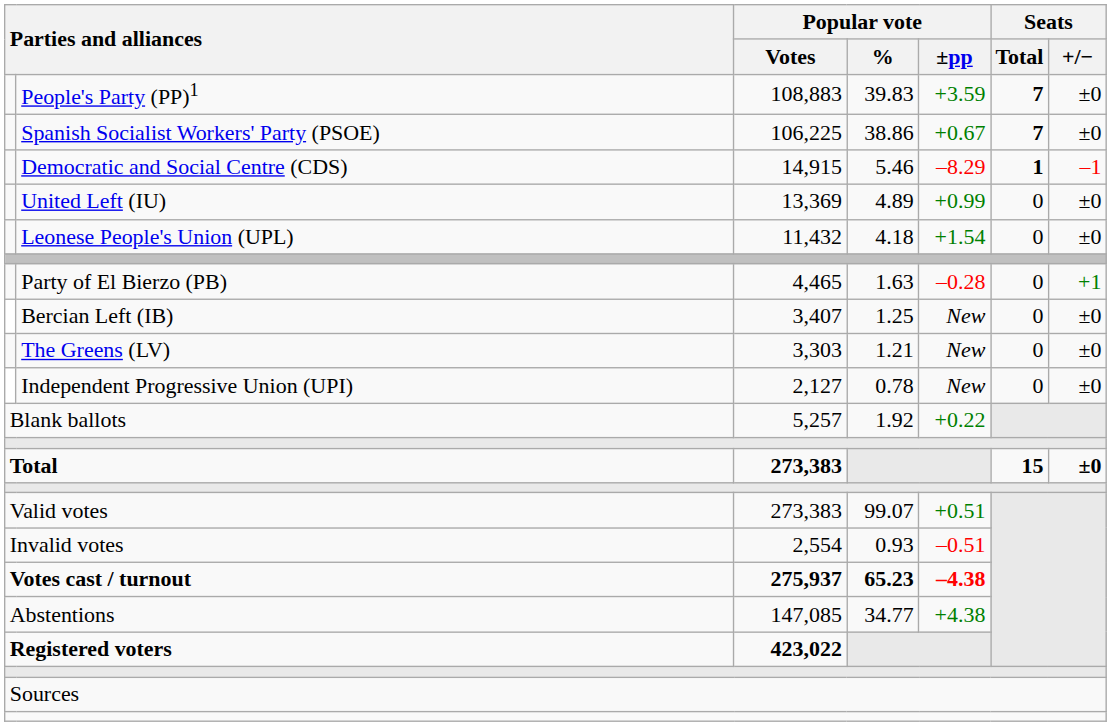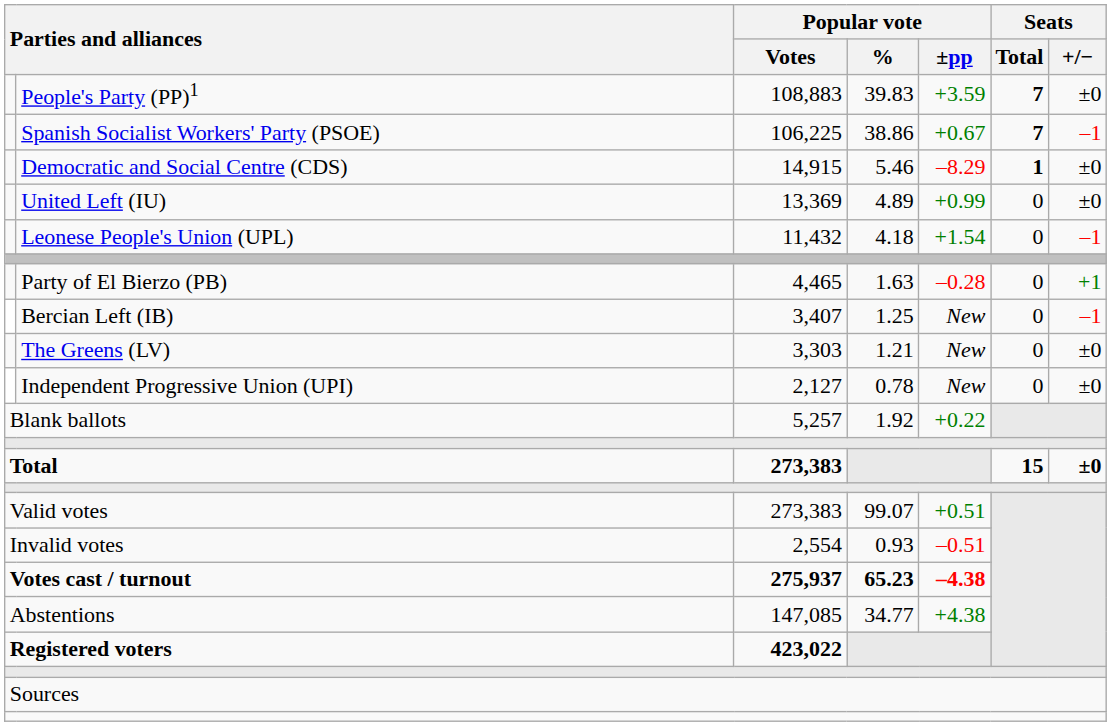 <table class="wikitable" style="text-align:right;">
 <tr>
 <th style="text-align:left;" rowspan="2" colspan="2" width="525">Parties and alliances</th>
 <th colspan="3">Popular vote</th>
 <th colspan="2">Seats</th>
 </tr>
 <tr>
 <th width="75">Votes</th>
 <th width="45">%</th>
 <th width="45">±<a href='#'>pp</a></th>
 <th width="35">Total</th>
 <th width="35">+/−</th>
 </tr>
 <tr>
 <td width="1" style="color:inherit;background:"></td>
 <td align="left"><a href='#'>People's Party</a> (PP)<sup>1</sup></td>
 <td>108,883</td>
 <td>39.83</td>
 <td style="color:green;">+3.59</td>
 <td><strong>7</strong></td>
 <td>±0</td>
 </tr>
 <tr>
 <td style="color:inherit;background:"></td>
 <td align="left"><a href='#'>Spanish Socialist Workers' Party</a> (PSOE)</td>
 <td>106,225</td>
 <td>38.86</td>
 <td style="color:green;">+0.67</td>
 <td><strong>7</strong></td>
-<td>±0</td>
+<td style="color:red;">–1</td>
 </tr>
 <tr>
 <td style="color:inherit;background:"></td>
 <td align="left"><a href='#'>Democratic and Social Centre</a> (CDS)</td>
 <td>14,915</td>
 <td>5.46</td>
 <td style="color:red;">–8.29</td>
 <td><strong>1</strong></td>
-<td style="color:red;">–1</td>
+<td>±0</td>
 </tr>
 <tr>
 <td style="color:inherit;background:"></td>
 <td align="left"><a href='#'>United Left</a> (IU)</td>
 <td>13,369</td>
 <td>4.89</td>
 <td style="color:green;">+0.99</td>
 <td>0</td>
 <td>±0</td>
 </tr>
 <tr>
 <td style="color:inherit;background:"></td>
 <td align="left"><a href='#'>Leonese People's Union</a> (UPL)</td>
 <td>11,432</td>
 <td>4.18</td>
 <td style="color:green;">+1.54</td>
 <td>0</td>
-<td>±0</td>
+<td style="color:red;">–1</td>
 </tr>
 <tr>
 <td colspan="7" bgcolor="#C0C0C0"></td>
 </tr>
 <tr>
 <td style="color:inherit;background:"></td>
 <td align="left">Party of El Bierzo (PB)</td>
 <td>4,465</td>
 <td>1.63</td>
 <td style="color:red;">–0.28</td>
 <td>0</td>
 <td style="color:green;">+1</td>
 </tr>
 <tr>
 <td bgcolor="white"></td>
 <td align="left">Bercian Left (IB)</td>
 <td>3,407</td>
 <td>1.25</td>
 <td><em>New</em></td>
 <td>0</td>
-<td>±0</td>
+<td style="color:red;">–1</td>
 </tr>
 <tr>
 <td style="color:inherit;background:"></td>
 <td align="left"><a href='#'>The Greens</a> (LV)</td>
 <td>3,303</td>
 <td>1.21</td>
 <td><em>New</em></td>
 <td>0</td>
 <td>±0</td>
 </tr>
 <tr>
 <td bgcolor="white"></td>
 <td align="left">Independent Progressive Union (UPI)</td>
 <td>2,127</td>
 <td>0.78</td>
 <td><em>New</em></td>
 <td>0</td>
 <td>±0</td>
 </tr>
 <tr>
 <td align="left" colspan="2">Blank ballots</td>
 <td>5,257</td>
 <td>1.92</td>
 <td style="color:green;">+0.22</td>
 <td bgcolor="#E9E9E9" colspan="2"></td>
 </tr>
 <tr>
 <td colspan="7" bgcolor="#E9E9E9"></td>
 </tr>
 <tr style="font-weight:bold;">
 <td align="left" colspan="2">Total</td>
 <td>273,383</td>
 <td bgcolor="#E9E9E9" colspan="2"></td>
 <td>15</td>
 <td>±0</td>
 </tr>
 <tr>
 <td colspan="7" bgcolor="#E9E9E9"></td>
 </tr>
 <tr>
 <td align="left" colspan="2">Valid votes</td>
 <td>273,383</td>
 <td>99.07</td>
 <td style="color:green;">+0.51</td>
 <td bgcolor="#E9E9E9" colspan="2" rowspan="5"></td>
 </tr>
 <tr>
 <td align="left" colspan="2">Invalid votes</td>
 <td>2,554</td>
 <td>0.93</td>
 <td style="color:red;">–0.51</td>
 </tr>
 <tr style="font-weight:bold;">
 <td align="left" colspan="2">Votes cast / turnout</td>
 <td>275,937</td>
 <td>65.23</td>
 <td style="color:red;">–4.38</td>
 </tr>
 <tr>
 <td align="left" colspan="2">Abstentions</td>
 <td>147,085</td>
 <td>34.77</td>
 <td style="color:green;">+4.38</td>
 </tr>
 <tr style="font-weight:bold;">
 <td align="left" colspan="2">Registered voters</td>
 <td>423,022</td>
 <td bgcolor="#E9E9E9" colspan="2"></td>
 </tr>
 <tr>
 <td colspan="7" bgcolor="#E9E9E9"></td>
 </tr>
 <tr>
 <td align="left" colspan="7">Sources</td>
 </tr>
 <tr>
 <td colspan="7" style="text-align:left; max-width:790px;"></td>
 </tr>
 </table>
